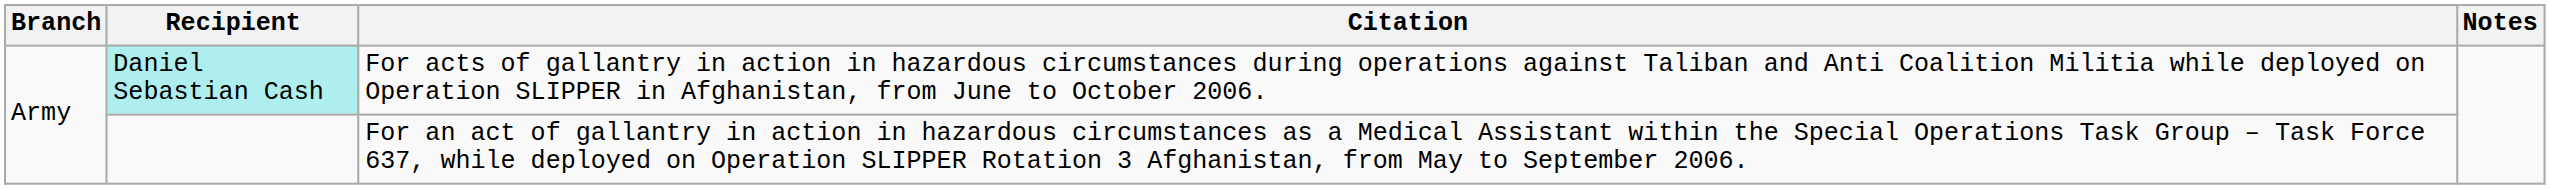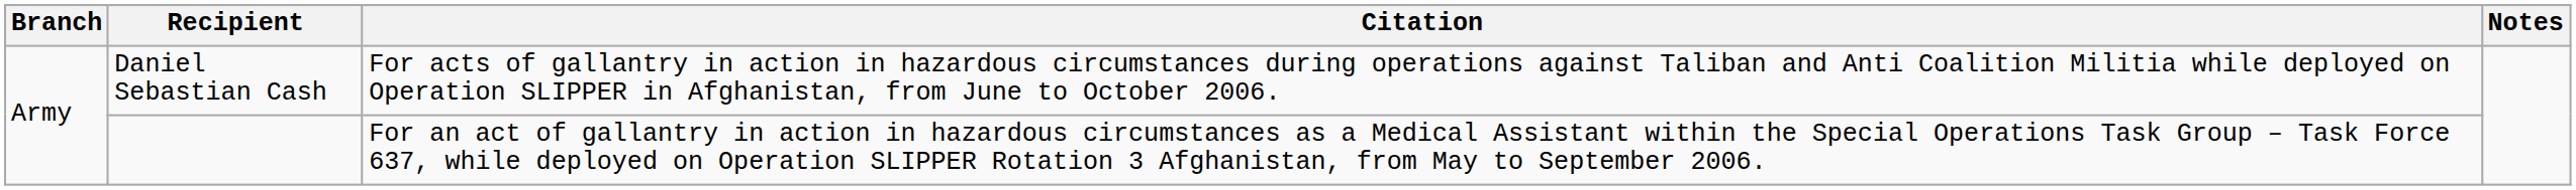 <table class="wikitable" style="font-size:95%;">
 <tr>
 <th>Branch</th>
 <th>Recipient</th>
 <th>Citation</th>
 <th>Notes</th>
 </tr>
 <tr>
 <td rowspan=2>Army</td>
-<td style="background: paleturquoise;"> Daniel Sebastian Cash</td>
+<td> Daniel Sebastian Cash</td>
 <td>For acts of gallantry in action in hazardous circumstances during operations against Taliban and Anti Coalition Militia while deployed on Operation SLIPPER in Afghanistan, from June to October 2006.</td>
 <td rowspan=2></td>
 </tr>
 <tr>
 <td></td>
 <td>For an act of gallantry in action in hazardous circumstances as a Medical Assistant within the Special Operations Task Group – Task Force 637, while deployed on Operation SLIPPER Rotation 3 Afghanistan, from May to September 2006.</td>
 </tr>
 </table>
